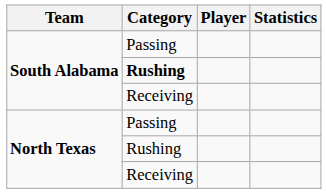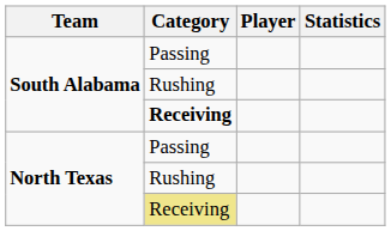 <table class="wikitable" style="float: right;">
 <tr>
 <th>Team</th>
 <th>Category</th>
 <th>Player</th>
 <th>Statistics</th>
 </tr>
 <tr>
 <td rowspan=3><strong>South Alabama</strong></td>
 <td>Passing</td>
 <td></td>
 <td></td>
 </tr>
 <tr>
-<td><strong>Rushing</strong></td>
+<td>Rushing</td>
 <td></td>
 <td></td>
 </tr>
 <tr>
-<td>Receiving</td>
+<td><strong>Receiving</strong></td>
 <td></td>
 <td></td>
 </tr>
 <tr>
 <td rowspan=3><strong>North Texas</strong></td>
 <td>Passing</td>
 <td></td>
 <td></td>
 </tr>
 <tr>
 <td>Rushing</td>
 <td></td>
 <td></td>
 </tr>
 <tr>
-<td>Receiving</td>
+<td style="background: khaki;">Receiving</td>
 <td></td>
 <td></td>
 </tr>
 </table>
